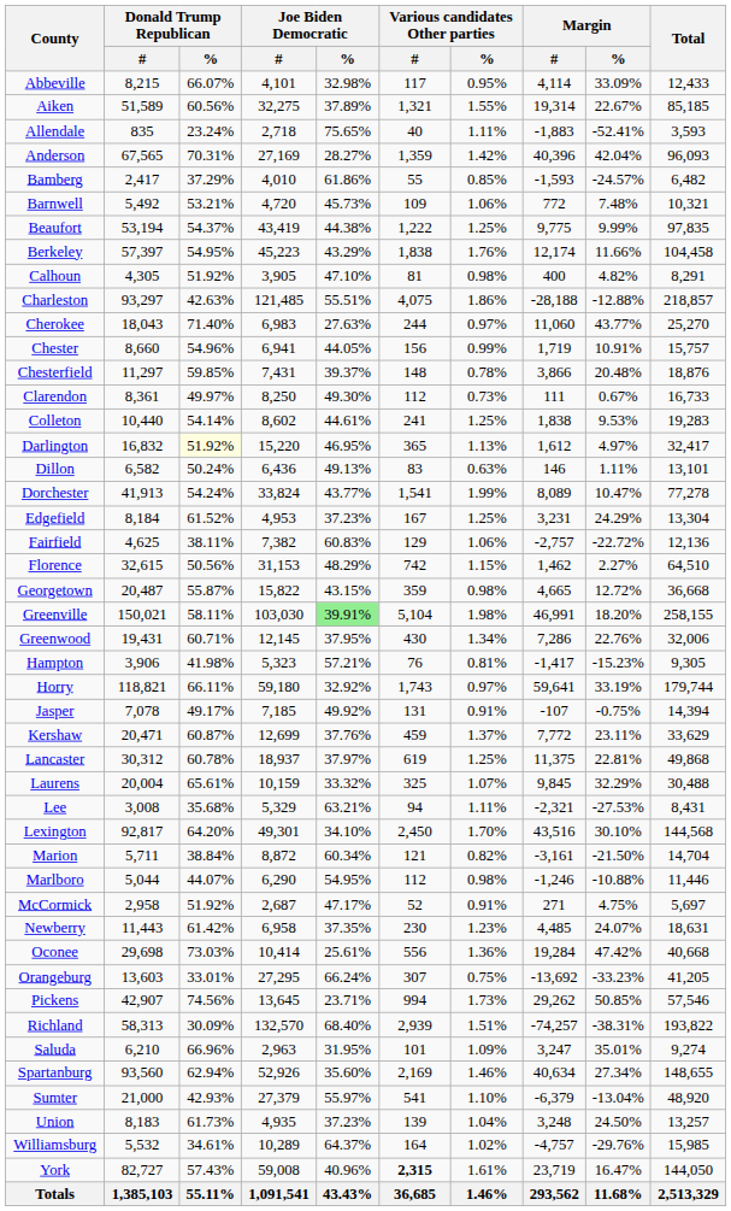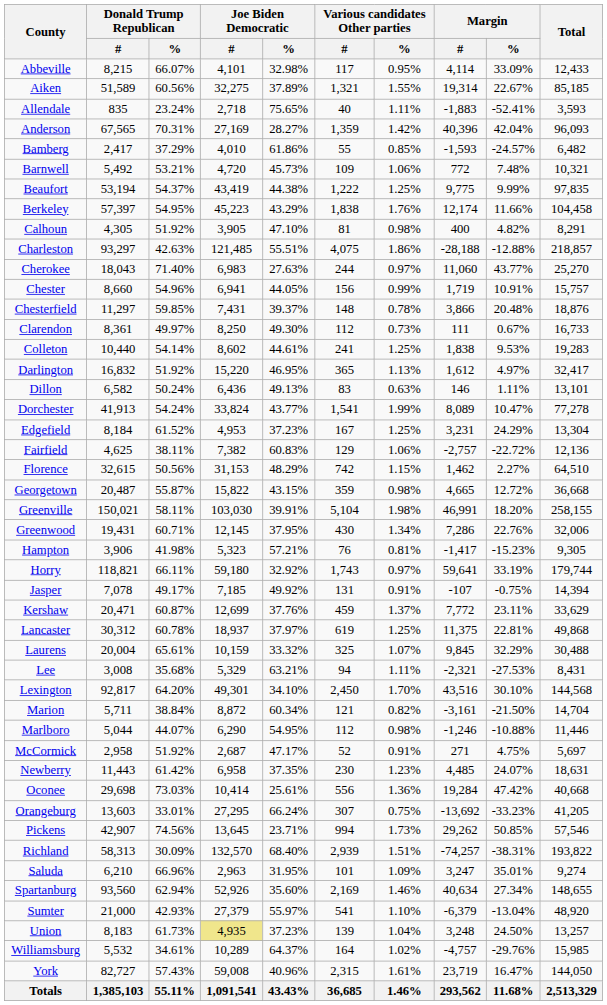 <table width="60%" class="wikitable sortable">
 <tr>
 <th rowspan="2">County</th>
 <th colspan="2">Donald Trump<br>Republican</th>
 <th colspan="2">Joe Biden<br>Democratic</th>
 <th colspan="2">Various candidates<br>Other parties</th>
 <th colspan="2">Margin</th>
 <th rowspan="2">Total</th>
 </tr>
 <tr>
 <th style="text-align:center;" data-sort-type="number">#</th>
 <th style="text-align:center;" data-sort-type="number">%</th>
 <th style="text-align:center;" data-sort-type="number">#</th>
 <th style="text-align:center;" data-sort-type="number">%</th>
 <th style="text-align:center;" data-sort-type="number">#</th>
 <th style="text-align:center;" data-sort-type="number">%</th>
 <th style="text-align:center;" data-sort-type="number">#</th>
 <th style="text-align:center;" data-sort-type="number">%</th>
 </tr>
 <tr style="text-align:center;">
 <td><a href='#'>Abbeville</a></td>
 <td>8,215</td>
 <td>66.07%</td>
 <td>4,101</td>
 <td>32.98%</td>
 <td>117</td>
 <td>0.95%</td>
 <td>4,114</td>
 <td>33.09%</td>
 <td>12,433</td>
 </tr>
 <tr style="text-align:center;">
 <td><a href='#'>Aiken</a></td>
 <td>51,589</td>
 <td>60.56%</td>
 <td>32,275</td>
 <td>37.89%</td>
 <td>1,321</td>
 <td>1.55%</td>
 <td>19,314</td>
 <td>22.67%</td>
 <td>85,185</td>
 </tr>
 <tr style="text-align:center;">
 <td><a href='#'>Allendale</a></td>
 <td>835</td>
 <td>23.24%</td>
 <td>2,718</td>
 <td>75.65%</td>
 <td>40</td>
 <td>1.11%</td>
 <td>-1,883</td>
 <td>-52.41%</td>
 <td>3,593</td>
 </tr>
 <tr style="text-align:center;">
 <td><a href='#'>Anderson</a></td>
 <td>67,565</td>
 <td>70.31%</td>
 <td>27,169</td>
 <td>28.27%</td>
 <td>1,359</td>
 <td>1.42%</td>
 <td>40,396</td>
 <td>42.04%</td>
 <td>96,093</td>
 </tr>
 <tr style="text-align:center;">
 <td><a href='#'>Bamberg</a></td>
 <td>2,417</td>
 <td>37.29%</td>
 <td>4,010</td>
 <td>61.86%</td>
 <td>55</td>
 <td>0.85%</td>
 <td>-1,593</td>
 <td>-24.57%</td>
 <td>6,482</td>
 </tr>
 <tr style="text-align:center;">
 <td><a href='#'>Barnwell</a></td>
 <td>5,492</td>
 <td>53.21%</td>
 <td>4,720</td>
 <td>45.73%</td>
 <td>109</td>
 <td>1.06%</td>
 <td>772</td>
 <td>7.48%</td>
 <td>10,321</td>
 </tr>
 <tr style="text-align:center;">
 <td><a href='#'>Beaufort</a></td>
 <td>53,194</td>
 <td>54.37%</td>
 <td>43,419</td>
 <td>44.38%</td>
 <td>1,222</td>
 <td>1.25%</td>
 <td>9,775</td>
 <td>9.99%</td>
 <td>97,835</td>
 </tr>
 <tr style="text-align:center;">
 <td><a href='#'>Berkeley</a></td>
 <td>57,397</td>
 <td>54.95%</td>
 <td>45,223</td>
 <td>43.29%</td>
 <td>1,838</td>
 <td>1.76%</td>
 <td>12,174</td>
 <td>11.66%</td>
 <td>104,458</td>
 </tr>
 <tr style="text-align:center;">
 <td><a href='#'>Calhoun</a></td>
 <td>4,305</td>
 <td>51.92%</td>
 <td>3,905</td>
 <td>47.10%</td>
 <td>81</td>
 <td>0.98%</td>
 <td>400</td>
 <td>4.82%</td>
 <td>8,291</td>
 </tr>
 <tr style="text-align:center;">
 <td><a href='#'>Charleston</a></td>
 <td>93,297</td>
 <td>42.63%</td>
 <td>121,485</td>
 <td>55.51%</td>
 <td>4,075</td>
 <td>1.86%</td>
 <td>-28,188</td>
 <td>-12.88%</td>
 <td>218,857</td>
 </tr>
 <tr style="text-align:center;">
 <td><a href='#'>Cherokee</a></td>
 <td>18,043</td>
 <td>71.40%</td>
 <td>6,983</td>
 <td>27.63%</td>
 <td>244</td>
 <td>0.97%</td>
 <td>11,060</td>
 <td>43.77%</td>
 <td>25,270</td>
 </tr>
 <tr style="text-align:center;">
 <td><a href='#'>Chester</a></td>
 <td>8,660</td>
 <td>54.96%</td>
 <td>6,941</td>
 <td>44.05%</td>
 <td>156</td>
 <td>0.99%</td>
 <td>1,719</td>
 <td>10.91%</td>
 <td>15,757</td>
 </tr>
 <tr style="text-align:center;">
 <td><a href='#'>Chesterfield</a></td>
 <td>11,297</td>
 <td>59.85%</td>
 <td>7,431</td>
 <td>39.37%</td>
 <td>148</td>
 <td>0.78%</td>
 <td>3,866</td>
 <td>20.48%</td>
 <td>18,876</td>
 </tr>
 <tr style="text-align:center;">
 <td><a href='#'>Clarendon</a></td>
 <td>8,361</td>
 <td>49.97%</td>
 <td>8,250</td>
 <td>49.30%</td>
 <td>112</td>
 <td>0.73%</td>
 <td>111</td>
 <td>0.67%</td>
 <td>16,733</td>
 </tr>
 <tr style="text-align:center;">
 <td><a href='#'>Colleton</a></td>
 <td>10,440</td>
 <td>54.14%</td>
 <td>8,602</td>
 <td>44.61%</td>
 <td>241</td>
 <td>1.25%</td>
 <td>1,838</td>
 <td>9.53%</td>
 <td>19,283</td>
 </tr>
 <tr style="text-align:center;">
 <td><a href='#'>Darlington</a></td>
 <td>16,832</td>
-<td style="background: lightyellow;">51.92%</td>
+<td>51.92%</td>
 <td>15,220</td>
 <td>46.95%</td>
 <td>365</td>
 <td>1.13%</td>
 <td>1,612</td>
 <td>4.97%</td>
 <td>32,417</td>
 </tr>
 <tr style="text-align:center;">
 <td><a href='#'>Dillon</a></td>
 <td>6,582</td>
 <td>50.24%</td>
 <td>6,436</td>
 <td>49.13%</td>
 <td>83</td>
 <td>0.63%</td>
 <td>146</td>
 <td>1.11%</td>
 <td>13,101</td>
 </tr>
 <tr style="text-align:center;">
 <td><a href='#'>Dorchester</a></td>
 <td>41,913</td>
 <td>54.24%</td>
 <td>33,824</td>
 <td>43.77%</td>
 <td>1,541</td>
 <td>1.99%</td>
 <td>8,089</td>
 <td>10.47%</td>
 <td>77,278</td>
 </tr>
 <tr style="text-align:center;">
 <td><a href='#'>Edgefield</a></td>
 <td>8,184</td>
 <td>61.52%</td>
 <td>4,953</td>
 <td>37.23%</td>
 <td>167</td>
 <td>1.25%</td>
 <td>3,231</td>
 <td>24.29%</td>
 <td>13,304</td>
 </tr>
 <tr style="text-align:center;">
 <td><a href='#'>Fairfield</a></td>
 <td>4,625</td>
 <td>38.11%</td>
 <td>7,382</td>
 <td>60.83%</td>
 <td>129</td>
 <td>1.06%</td>
 <td>-2,757</td>
 <td>-22.72%</td>
 <td>12,136</td>
 </tr>
 <tr style="text-align:center;">
 <td><a href='#'>Florence</a></td>
 <td>32,615</td>
 <td>50.56%</td>
 <td>31,153</td>
 <td>48.29%</td>
 <td>742</td>
 <td>1.15%</td>
 <td>1,462</td>
 <td>2.27%</td>
 <td>64,510</td>
 </tr>
 <tr style="text-align:center;">
 <td><a href='#'>Georgetown</a></td>
 <td>20,487</td>
 <td>55.87%</td>
 <td>15,822</td>
 <td>43.15%</td>
 <td>359</td>
 <td>0.98%</td>
 <td>4,665</td>
 <td>12.72%</td>
 <td>36,668</td>
 </tr>
 <tr style="text-align:center;">
 <td><a href='#'>Greenville</a></td>
 <td>150,021</td>
 <td>58.11%</td>
 <td>103,030</td>
-<td style="background: lightgreen;">39.91%</td>
+<td>39.91%</td>
 <td>5,104</td>
 <td>1.98%</td>
 <td>46,991</td>
 <td>18.20%</td>
 <td>258,155</td>
 </tr>
 <tr style="text-align:center;">
 <td><a href='#'>Greenwood</a></td>
 <td>19,431</td>
 <td>60.71%</td>
 <td>12,145</td>
 <td>37.95%</td>
 <td>430</td>
 <td>1.34%</td>
 <td>7,286</td>
 <td>22.76%</td>
 <td>32,006</td>
 </tr>
 <tr style="text-align:center;">
 <td><a href='#'>Hampton</a></td>
 <td>3,906</td>
 <td>41.98%</td>
 <td>5,323</td>
 <td>57.21%</td>
 <td>76</td>
 <td>0.81%</td>
 <td>-1,417</td>
 <td>-15.23%</td>
 <td>9,305</td>
 </tr>
 <tr style="text-align:center;">
 <td><a href='#'>Horry</a></td>
 <td>118,821</td>
 <td>66.11%</td>
 <td>59,180</td>
 <td>32.92%</td>
 <td>1,743</td>
 <td>0.97%</td>
 <td>59,641</td>
 <td>33.19%</td>
 <td>179,744</td>
 </tr>
 <tr style="text-align:center;">
 <td><a href='#'>Jasper</a></td>
 <td>7,078</td>
 <td>49.17%</td>
 <td>7,185</td>
 <td>49.92%</td>
 <td>131</td>
 <td>0.91%</td>
 <td>-107</td>
 <td>-0.75%</td>
 <td>14,394</td>
 </tr>
 <tr style="text-align:center;">
 <td><a href='#'>Kershaw</a></td>
 <td>20,471</td>
 <td>60.87%</td>
 <td>12,699</td>
 <td>37.76%</td>
 <td>459</td>
 <td>1.37%</td>
 <td>7,772</td>
 <td>23.11%</td>
 <td>33,629</td>
 </tr>
 <tr style="text-align:center;">
 <td><a href='#'>Lancaster</a></td>
 <td>30,312</td>
 <td>60.78%</td>
 <td>18,937</td>
 <td>37.97%</td>
 <td>619</td>
 <td>1.25%</td>
 <td>11,375</td>
 <td>22.81%</td>
 <td>49,868</td>
 </tr>
 <tr style="text-align:center;">
 <td><a href='#'>Laurens</a></td>
 <td>20,004</td>
 <td>65.61%</td>
 <td>10,159</td>
 <td>33.32%</td>
 <td>325</td>
 <td>1.07%</td>
 <td>9,845</td>
 <td>32.29%</td>
 <td>30,488</td>
 </tr>
 <tr style="text-align:center;">
 <td><a href='#'>Lee</a></td>
 <td>3,008</td>
 <td>35.68%</td>
 <td>5,329</td>
 <td>63.21%</td>
 <td>94</td>
 <td>1.11%</td>
 <td>-2,321</td>
 <td>-27.53%</td>
 <td>8,431</td>
 </tr>
 <tr style="text-align:center;">
 <td><a href='#'>Lexington</a></td>
 <td>92,817</td>
 <td>64.20%</td>
 <td>49,301</td>
 <td>34.10%</td>
 <td>2,450</td>
 <td>1.70%</td>
 <td>43,516</td>
 <td>30.10%</td>
 <td>144,568</td>
 </tr>
 <tr style="text-align:center;">
 <td><a href='#'>Marion</a></td>
 <td>5,711</td>
 <td>38.84%</td>
 <td>8,872</td>
 <td>60.34%</td>
 <td>121</td>
 <td>0.82%</td>
 <td>-3,161</td>
 <td>-21.50%</td>
 <td>14,704</td>
 </tr>
 <tr style="text-align:center;">
 <td><a href='#'>Marlboro</a></td>
 <td>5,044</td>
 <td>44.07%</td>
 <td>6,290</td>
 <td>54.95%</td>
 <td>112</td>
 <td>0.98%</td>
 <td>-1,246</td>
 <td>-10.88%</td>
 <td>11,446</td>
 </tr>
 <tr style="text-align:center;">
 <td><a href='#'>McCormick</a></td>
 <td>2,958</td>
 <td>51.92%</td>
 <td>2,687</td>
 <td>47.17%</td>
 <td>52</td>
 <td>0.91%</td>
 <td>271</td>
 <td>4.75%</td>
 <td>5,697</td>
 </tr>
 <tr style="text-align:center;">
 <td><a href='#'>Newberry</a></td>
 <td>11,443</td>
 <td>61.42%</td>
 <td>6,958</td>
 <td>37.35%</td>
 <td>230</td>
 <td>1.23%</td>
 <td>4,485</td>
 <td>24.07%</td>
 <td>18,631</td>
 </tr>
 <tr style="text-align:center;">
 <td><a href='#'>Oconee</a></td>
 <td>29,698</td>
 <td>73.03%</td>
 <td>10,414</td>
 <td>25.61%</td>
 <td>556</td>
 <td>1.36%</td>
 <td>19,284</td>
 <td>47.42%</td>
 <td>40,668</td>
 </tr>
 <tr style="text-align:center;">
 <td><a href='#'>Orangeburg</a></td>
 <td>13,603</td>
 <td>33.01%</td>
 <td>27,295</td>
 <td>66.24%</td>
 <td>307</td>
 <td>0.75%</td>
 <td>-13,692</td>
 <td>-33.23%</td>
 <td>41,205</td>
 </tr>
 <tr style="text-align:center;">
 <td><a href='#'>Pickens</a></td>
 <td>42,907</td>
 <td>74.56%</td>
 <td>13,645</td>
 <td>23.71%</td>
 <td>994</td>
 <td>1.73%</td>
 <td>29,262</td>
 <td>50.85%</td>
 <td>57,546</td>
 </tr>
 <tr style="text-align:center;">
 <td><a href='#'>Richland</a></td>
 <td>58,313</td>
 <td>30.09%</td>
 <td>132,570</td>
 <td>68.40%</td>
 <td>2,939</td>
 <td>1.51%</td>
 <td>-74,257</td>
 <td>-38.31%</td>
 <td>193,822</td>
 </tr>
 <tr style="text-align:center;">
 <td><a href='#'>Saluda</a></td>
 <td>6,210</td>
 <td>66.96%</td>
 <td>2,963</td>
 <td>31.95%</td>
 <td>101</td>
 <td>1.09%</td>
 <td>3,247</td>
 <td>35.01%</td>
 <td>9,274</td>
 </tr>
 <tr style="text-align:center;">
 <td><a href='#'>Spartanburg</a></td>
 <td>93,560</td>
 <td>62.94%</td>
 <td>52,926</td>
 <td>35.60%</td>
 <td>2,169</td>
 <td>1.46%</td>
 <td>40,634</td>
 <td>27.34%</td>
 <td>148,655</td>
 </tr>
 <tr style="text-align:center;">
 <td><a href='#'>Sumter</a></td>
 <td>21,000</td>
 <td>42.93%</td>
 <td>27,379</td>
 <td>55.97%</td>
 <td>541</td>
 <td>1.10%</td>
 <td>-6,379</td>
 <td>-13.04%</td>
 <td>48,920</td>
 </tr>
 <tr style="text-align:center;">
 <td><a href='#'>Union</a></td>
 <td>8,183</td>
 <td>61.73%</td>
-<td>4,935</td>
+<td style="background: khaki;">4,935</td>
 <td>37.23%</td>
 <td>139</td>
 <td>1.04%</td>
 <td>3,248</td>
 <td>24.50%</td>
 <td>13,257</td>
 </tr>
 <tr style="text-align:center;">
 <td><a href='#'>Williamsburg</a></td>
 <td>5,532</td>
 <td>34.61%</td>
 <td>10,289</td>
 <td>64.37%</td>
 <td>164</td>
 <td>1.02%</td>
 <td>-4,757</td>
 <td>-29.76%</td>
 <td>15,985</td>
 </tr>
 <tr style="text-align:center;">
 <td><a href='#'>York</a></td>
 <td>82,727</td>
 <td>57.43%</td>
 <td>59,008</td>
 <td>40.96%</td>
-<td><strong>2,315</strong></td>
+<td>2,315</td>
 <td>1.61%</td>
 <td>23,719</td>
 <td>16.47%</td>
 <td>144,050</td>
 </tr>
 <tr>
 <th>Totals</th>
 <th>1,385,103</th>
 <th>55.11%</th>
 <th>1,091,541</th>
 <th>43.43%</th>
 <th>36,685</th>
 <th>1.46%</th>
 <th>293,562</th>
 <th>11.68%</th>
 <th>2,513,329</th>
 </tr>
 </table>
